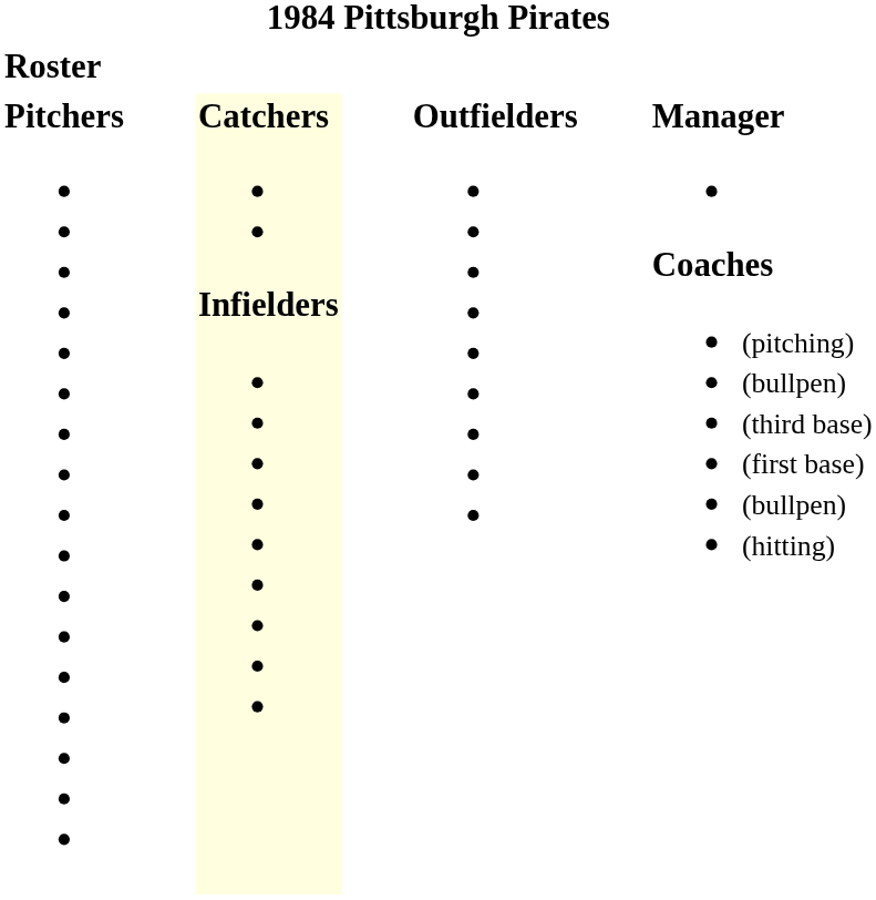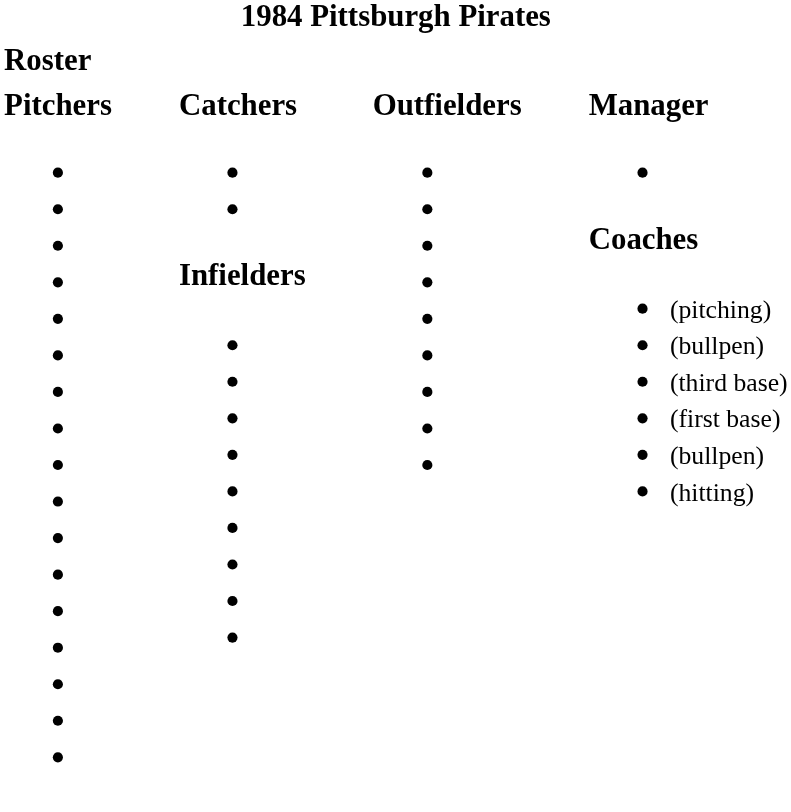 <table class="toccolours" style="font-size: 95%;">
 <tr>
 <th colspan="10">1984 Pittsburgh Pirates</th>
 </tr>
 <tr>
 <td colspan="10"><strong>Roster</strong></td>
 </tr>
 <tr>
 <td valign="top"><strong>Pitchers</strong><br><ul><li></li><li></li><li></li><li></li><li></li><li></li><li></li><li></li><li></li><li></li><li></li><li></li><li></li><li></li><li></li><li></li><li></li></ul></td>
 <td width="25px"></td>
-<td valign="top" style="background: lightyellow;"><strong>Catchers</strong><br><ul><li></li><li></li></ul><strong>Infielders</strong><ul><li></li><li></li><li></li><li></li><li></li><li></li><li></li><li></li><li></li></ul></td>
+<td valign="top"><strong>Catchers</strong><br><ul><li></li><li></li></ul><strong>Infielders</strong><ul><li></li><li></li><li></li><li></li><li></li><li></li><li></li><li></li><li></li></ul></td>
 <td width="25px"></td>
 <td valign="top"><strong>Outfielders</strong><br><ul><li></li><li></li><li></li><li></li><li></li><li></li><li></li><li></li><li></li></ul></td>
 <td width="25px"></td>
 <td valign="top"><strong>Manager</strong><br><ul><li></li></ul><strong>Coaches</strong><ul><li> <small>(pitching)</small></li><li> <small>(bullpen)</small></li><li> <small>(third base)</small></li><li> <small>(first base)</small></li><li> <small>(bullpen)</small></li><li> <small>(hitting)</small></li></ul></td>
 </tr>
 </table>
